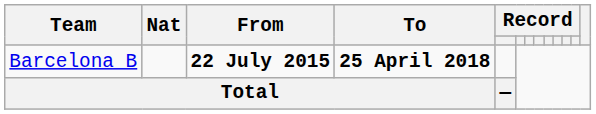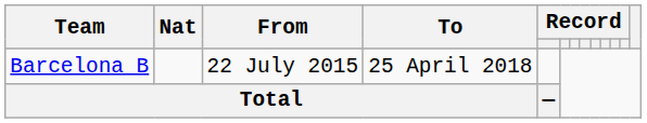 <table class="wikitable" style="text-align: center">
 <tr>
 <th rowspan="2">Team</th>
 <th rowspan="2">Nat</th>
 <th rowspan="2">From</th>
 <th rowspan="2">To</th>
 <th colspan="8">Record</th>
 <th rowspan=2></th>
 </tr>
 <tr>
 <th></th>
 <th></th>
 <th></th>
 <th></th>
 <th></th>
 <th></th>
 <th></th>
 <th></th>
 </tr>
 <tr>
 <td align=left><a href='#'>Barcelona B</a></td>
 <td></td>
-<td align=left><strong>22 July 2015</strong></td>
-<td align=left><strong>25 April 2018<br></strong></td>
+<td align=left>22 July 2015</td>
+<td align=left>25 April 2018<br></td>
 <td></td>
 </tr>
 <tr>
 <th colspan="4">Total<br></th>
 <th>—</th>
 </tr>
 </table>
